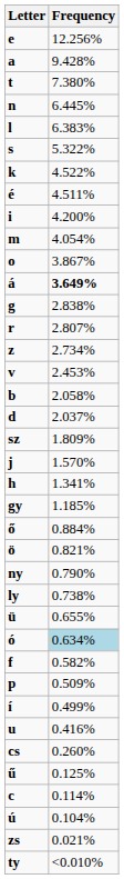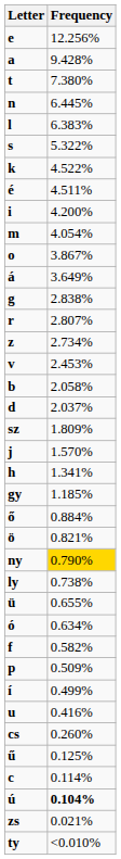 <table class="wikitable sortable">
 <tr>
 <th>Letter</th>
 <th>Frequency</th>
 </tr>
 <tr>
 <td><strong>e</strong></td>
 <td>12.256%</td>
 </tr>
 <tr>
 <td><strong>a</strong></td>
 <td>9.428%</td>
 </tr>
 <tr>
 <td><strong>t</strong></td>
 <td>7.380%</td>
 </tr>
 <tr>
 <td><strong>n</strong></td>
 <td>6.445%</td>
 </tr>
 <tr>
 <td><strong>l</strong></td>
 <td>6.383%</td>
 </tr>
 <tr>
 <td><strong>s</strong></td>
 <td>5.322%</td>
 </tr>
 <tr>
 <td><strong>k</strong></td>
 <td>4.522%</td>
 </tr>
 <tr>
 <td><strong>é</strong></td>
 <td>4.511%</td>
 </tr>
 <tr>
 <td><strong>i</strong></td>
 <td>4.200%</td>
 </tr>
 <tr>
 <td><strong>m</strong></td>
 <td>4.054%</td>
 </tr>
 <tr>
 <td><strong>o</strong></td>
 <td>3.867%</td>
 </tr>
 <tr>
 <td><strong>á</strong></td>
-<td><strong>3.649%</strong></td>
+<td>3.649%</td>
 </tr>
 <tr>
 <td><strong>g</strong></td>
 <td>2.838%</td>
 </tr>
 <tr>
 <td><strong>r</strong></td>
 <td>2.807%</td>
 </tr>
 <tr>
 <td><strong>z</strong></td>
 <td>2.734%</td>
 </tr>
 <tr>
 <td><strong>v</strong></td>
 <td>2.453%</td>
 </tr>
 <tr>
 <td><strong>b</strong></td>
 <td>2.058%</td>
 </tr>
 <tr>
 <td><strong>d</strong></td>
 <td>2.037%</td>
 </tr>
 <tr>
 <td><strong>sz</strong></td>
 <td>1.809%</td>
 </tr>
 <tr>
 <td><strong>j</strong></td>
 <td>1.570%</td>
 </tr>
 <tr>
 <td><strong>h</strong></td>
 <td>1.341%</td>
 </tr>
 <tr>
 <td><strong>gy</strong></td>
 <td>1.185%</td>
 </tr>
 <tr>
 <td><strong>ő</strong></td>
 <td>0.884%</td>
 </tr>
 <tr>
 <td><strong>ö</strong></td>
 <td>0.821%</td>
 </tr>
 <tr>
 <td><strong>ny</strong></td>
-<td>0.790%</td>
+<td style="background: gold;">0.790%</td>
 </tr>
 <tr>
 <td><strong>ly</strong></td>
 <td>0.738%</td>
 </tr>
 <tr>
 <td><strong>ü</strong></td>
 <td>0.655%</td>
 </tr>
 <tr>
 <td><strong>ó</strong></td>
-<td style="background: lightblue;">0.634%</td>
+<td>0.634%</td>
 </tr>
 <tr>
 <td><strong>f</strong></td>
 <td>0.582%</td>
 </tr>
 <tr>
 <td><strong>p</strong></td>
 <td>0.509%</td>
 </tr>
 <tr>
 <td><strong>í</strong></td>
 <td>0.499%</td>
 </tr>
 <tr>
 <td><strong>u</strong></td>
 <td>0.416%</td>
 </tr>
 <tr>
 <td><strong>cs</strong></td>
 <td>0.260%</td>
 </tr>
 <tr>
 <td><strong>ű</strong></td>
 <td>0.125%</td>
 </tr>
 <tr>
 <td><strong>c</strong></td>
 <td>0.114%</td>
 </tr>
 <tr>
 <td><strong>ú</strong></td>
-<td>0.104%</td>
+<td><strong>0.104%</strong></td>
 </tr>
 <tr>
 <td><strong>zs</strong></td>
 <td>0.021%</td>
 </tr>
 <tr>
 <td><strong>ty</strong></td>
 <td><0.010%</td>
 </tr>
 </table>
